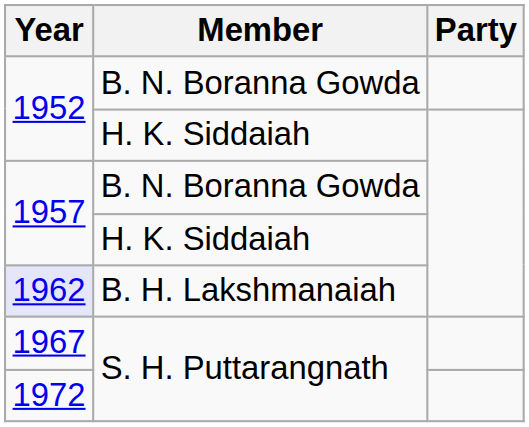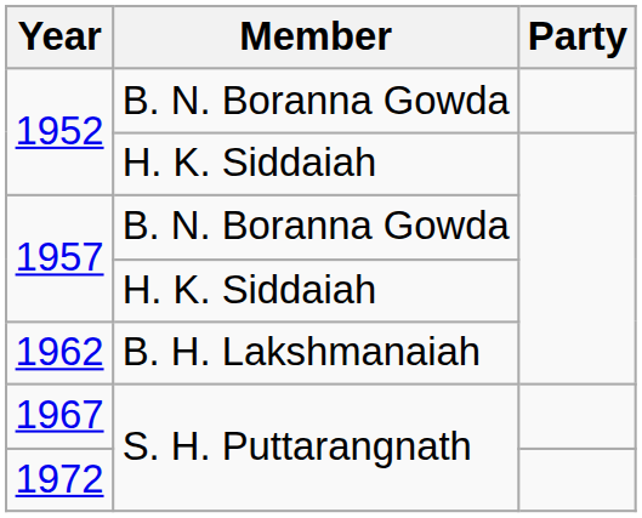 <table class="wikitable sortable">
 <tr>
 <th>Year</th>
 <th>Member</th>
 <th colspan="2">Party</th>
 </tr>
 <tr>
 <td rowspan="2"><a href='#'>1952</a></td>
 <td>B. N. Boranna Gowda</td>
 <td></td>
 </tr>
 <tr>
 <td>H. K. Siddaiah</td>
 </tr>
 <tr>
 <td rowspan="2"><a href='#'>1957</a></td>
 <td>B. N. Boranna Gowda</td>
 </tr>
 <tr>
 <td>H. K. Siddaiah</td>
 </tr>
 <tr>
-<td style="background: lavender;"><a href='#'>1962</a></td>
+<td><a href='#'>1962</a></td>
 <td>B. H. Lakshmanaiah</td>
 </tr>
 <tr>
 <td><a href='#'>1967</a></td>
 <td rowspan="2">S. H. Puttarangnath</td>
 <td></td>
 </tr>
 <tr>
 <td><a href='#'>1972</a></td>
 <td></td>
 </tr>
 </table>
